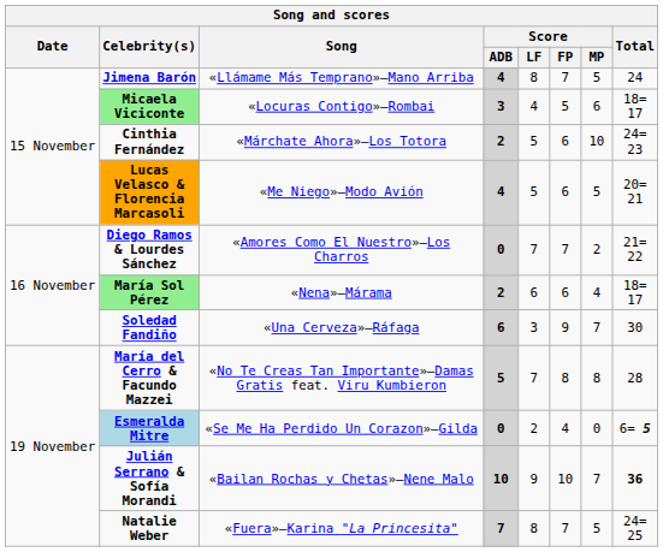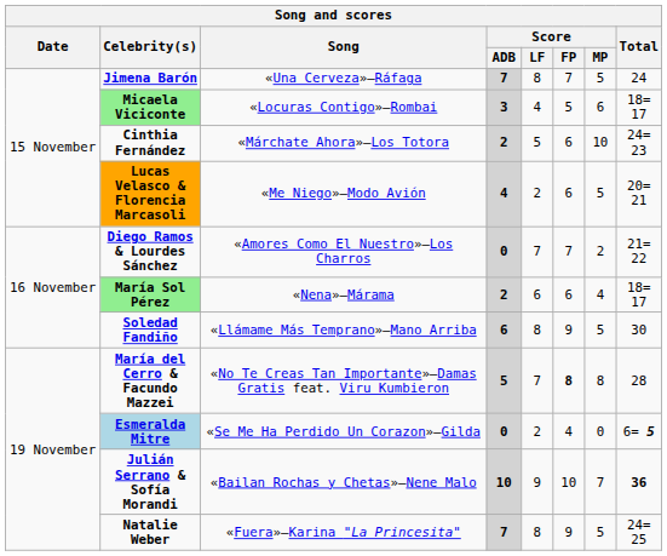 <table class="wikitable collapsible collapsed" style="font-size:95%; text-align: center; width: 100%;">
 <tr>
 <th colspan="11" style="with: 100%;" align=center>Song and scores</th>
 </tr>
 <tr>
 <th rowspan="2" width=100>Date</th>
 <th rowspan="2">Celebrity(s)</th>
 <th rowspan="2" width=380>Song</th>
 <th colspan="4">Score</th>
 <th rowspan="2">Total</th>
 </tr>
 <tr>
 <th width=30>ADB</th>
 <th width=30>LF</th>
 <th width=30>FP</th>
 <th width=30>MP</th>
 </tr>
 <tr>
 <td rowspan="4">15 November</td>
 <td bgcolor=""><strong><a href='#'>Jimena Barón</a></strong></td>
-<td>«<a href='#'>Llámame Más Temprano</a>»—<a href='#'>Mano Arriba</a></td>
-<td bgcolor="lightgrey"><strong>4</strong></td>
+<td>«<a href='#'>Una Cerveza</a>»—<a href='#'>Ráfaga</a></td>
+<td bgcolor="lightgrey"><strong>7</strong></td>
 <td>8</td>
 <td>7</td>
 <td>5</td>
 <td>24</td>
 </tr>
 <tr>
 <td bgcolor="lightgreen"><strong>Micaela Viciconte</strong></td>
 <td>«<a href='#'>Locuras Contigo</a>»—<a href='#'>Rombai</a></td>
 <td bgcolor="lightgrey"><strong>3</strong></td>
 <td>4</td>
 <td>5</td>
 <td>6</td>
 <td>18= 17</td>
 </tr>
 <tr>
 <td bgcolor=""><strong>Cinthia Fernández</strong></td>
 <td>«<a href='#'>Márchate Ahora</a>»—<a href='#'>Los Totora</a></td>
 <td bgcolor="lightgrey"><strong>2</strong></td>
 <td>5</td>
 <td>6</td>
 <td>10</td>
 <td>24= 23</td>
 </tr>
 <tr>
 <td bgcolor="orange"><strong>Lucas Velasco & Florencia Marcasoli</strong></td>
 <td>«<a href='#'>Me Niego</a>»—<a href='#'>Modo Avión</a></td>
 <td bgcolor="lightgrey"><strong>4</strong></td>
-<td>5</td>
+<td>2</td>
 <td>6</td>
 <td>5</td>
 <td>20= 21</td>
 </tr>
 <tr>
 <td rowspan="3">16 November</td>
 <td bgcolor=""><strong><a href='#'>Diego Ramos</a> & Lourdes Sánchez</strong></td>
 <td>«<a href='#'>Amores Como El Nuestro</a>»—<a href='#'>Los Charros</a></td>
 <td bgcolor="lightgrey"><strong>0</strong></td>
 <td>7</td>
 <td>7</td>
 <td>2</td>
 <td>21= 22</td>
 </tr>
 <tr>
 <td bgcolor="lightgreen"><strong>María Sol Pérez</strong></td>
 <td>«<a href='#'>Nena</a>»—<a href='#'>Márama</a></td>
 <td bgcolor="lightgrey"><strong>2</strong></td>
 <td>6</td>
 <td>6</td>
 <td>4</td>
 <td>18= 17</td>
 </tr>
 <tr>
 <td bgcolor=""><strong><a href='#'>Soledad Fandiño</a></strong></td>
-<td>«<a href='#'>Una Cerveza</a>»—<a href='#'>Ráfaga</a></td>
+<td>«<a href='#'>Llámame Más Temprano</a>»—<a href='#'>Mano Arriba</a></td>
 <td bgcolor="lightgrey"><strong>6</strong></td>
-<td>3</td>
+<td>8</td>
 <td>9</td>
-<td>7</td>
+<td>5</td>
 <td>30</td>
 </tr>
 <tr>
 <td rowspan="4">19 November</td>
 <td bgcolor=""><strong><a href='#'>María del Cerro</a> & Facundo Mazzei</strong></td>
 <td>«<a href='#'>No Te Creas Tan Importante</a>»—<a href='#'>Damas Gratis</a> feat. <a href='#'>Viru Kumbieron</a></td>
 <td bgcolor="lightgrey"><strong>5</strong></td>
 <td>7</td>
-<td>8</td>
+<td><strong>8</strong></td>
 <td>8</td>
 <td>28</td>
 </tr>
 <tr>
 <td bgcolor="lightblue"><strong><a href='#'>Esmeralda Mitre</a></strong></td>
 <td>«<a href='#'>Se Me Ha Perdido Un Corazon</a>»—<a href='#'>Gilda</a></td>
 <td bgcolor="lightgrey"><strong>0</strong></td>
 <td>2</td>
 <td>4</td>
 <td>0</td>
 <td>6= <span><strong><em>5</em></strong></span></td>
 </tr>
 <tr>
 <td bgcolor=""><strong><a href='#'>Julián Serrano</a> & Sofía Morandi</strong></td>
 <td>«<a href='#'>Bailan Rochas y Chetas</a>»—<a href='#'>Nene Malo</a></td>
 <td bgcolor="lightgrey"><strong>10</strong></td>
 <td>9</td>
 <td>10</td>
 <td>7</td>
 <td><span><strong>36</strong></span></td>
 </tr>
 <tr>
 <td bgcolor=""><strong>Natalie Weber</strong></td>
 <td>«<a href='#'>Fuera</a>»—<a href='#'>Karina <em>"La Princesita"</em></a></td>
 <td bgcolor="lightgrey"><strong>7</strong></td>
 <td>8</td>
-<td>7</td>
+<td>9</td>
 <td>5</td>
 <td>24= 25</td>
 </tr>
 </table>
